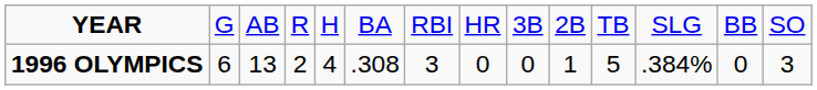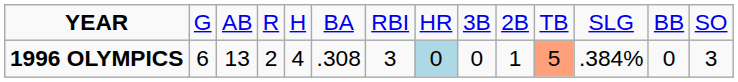 <table class="wikitable">
 <tr align=center>
 <td><strong>YEAR</strong></td>
 <td><a href='#'>G</a></td>
 <td><a href='#'>AB</a></td>
 <td><a href='#'>R</a></td>
 <td><a href='#'>H</a></td>
 <td><a href='#'>BA</a></td>
 <td><a href='#'>RBI</a></td>
 <td><a href='#'>HR</a></td>
 <td><a href='#'>3B</a></td>
 <td><a href='#'>2B</a></td>
 <td><a href='#'>TB</a></td>
 <td><a href='#'>SLG</a></td>
 <td><a href='#'>BB</a></td>
 <td><a href='#'>SO</a></td>
 </tr>
 <tr align=center>
 <td><strong>1996 OLYMPICS</strong></td>
 <td>6</td>
 <td>13</td>
 <td>2</td>
 <td>4</td>
 <td>.308</td>
 <td>3</td>
-<td>0</td>
+<td style="background: lightblue;">0</td>
 <td>0</td>
 <td>1</td>
-<td>5</td>
+<td style="background: lightsalmon;">5</td>
 <td>.384%</td>
 <td>0</td>
 <td>3</td>
 </tr>
 </table>
